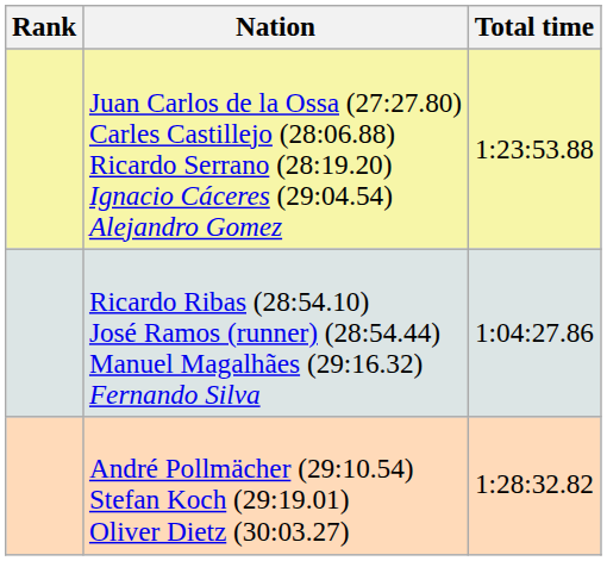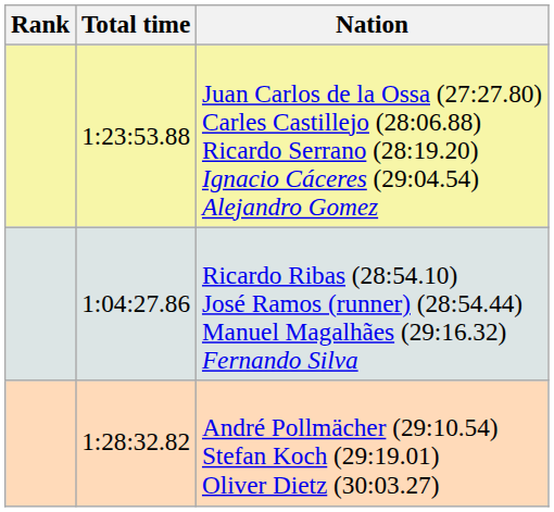 <table class = "wikitable" style = "text-align: center">
 <tr>
 <th>Rank</th>
+<th>Total time</th>
 <th>Nation</th>
-<th>Total time</th>
 </tr>
 <tr bgcolor = f7f6a8>
 <td></td>
+<td>1:23:53.88</td>
 <td align = "left"> <br> <a href='#'>Juan Carlos de la Ossa</a> (27:27.80)<br> <a href='#'>Carles Castillejo</a> (28:06.88)<br> <a href='#'>Ricardo Serrano</a> (28:19.20)<br> <em> <a href='#'>Ignacio Cáceres</a> </em> (29:04.54)<br> <em><a href='#'>Alejandro Gomez</a></em> </td>
-<td>1:23:53.88</td>
 </tr>
 <tr bgcolor = dce5e5>
 <td></td>
+<td>1:04:27.86</td>
 <td align = "left"> <br> <a href='#'>Ricardo Ribas</a> (28:54.10)<br> <a href='#'>José Ramos (runner)</a> (28:54.44)<br> <a href='#'>Manuel Magalhães</a> (29:16.32) <br> <em> <a href='#'>Fernando Silva</a> </em> </td>
-<td>1:04:27.86</td>
 </tr>
 <tr bgcolor = ffdab9>
 <td></td>
+<td>1:28:32.82</td>
 <td align = "left"> <br> <a href='#'>André Pollmächer</a> (29:10.54) <br> <a href='#'>Stefan Koch</a> (29:19.01) <br> <a href='#'>Oliver Dietz</a> (30:03.27)</td>
-<td>1:28:32.82</td>
 </tr>
 </table>
